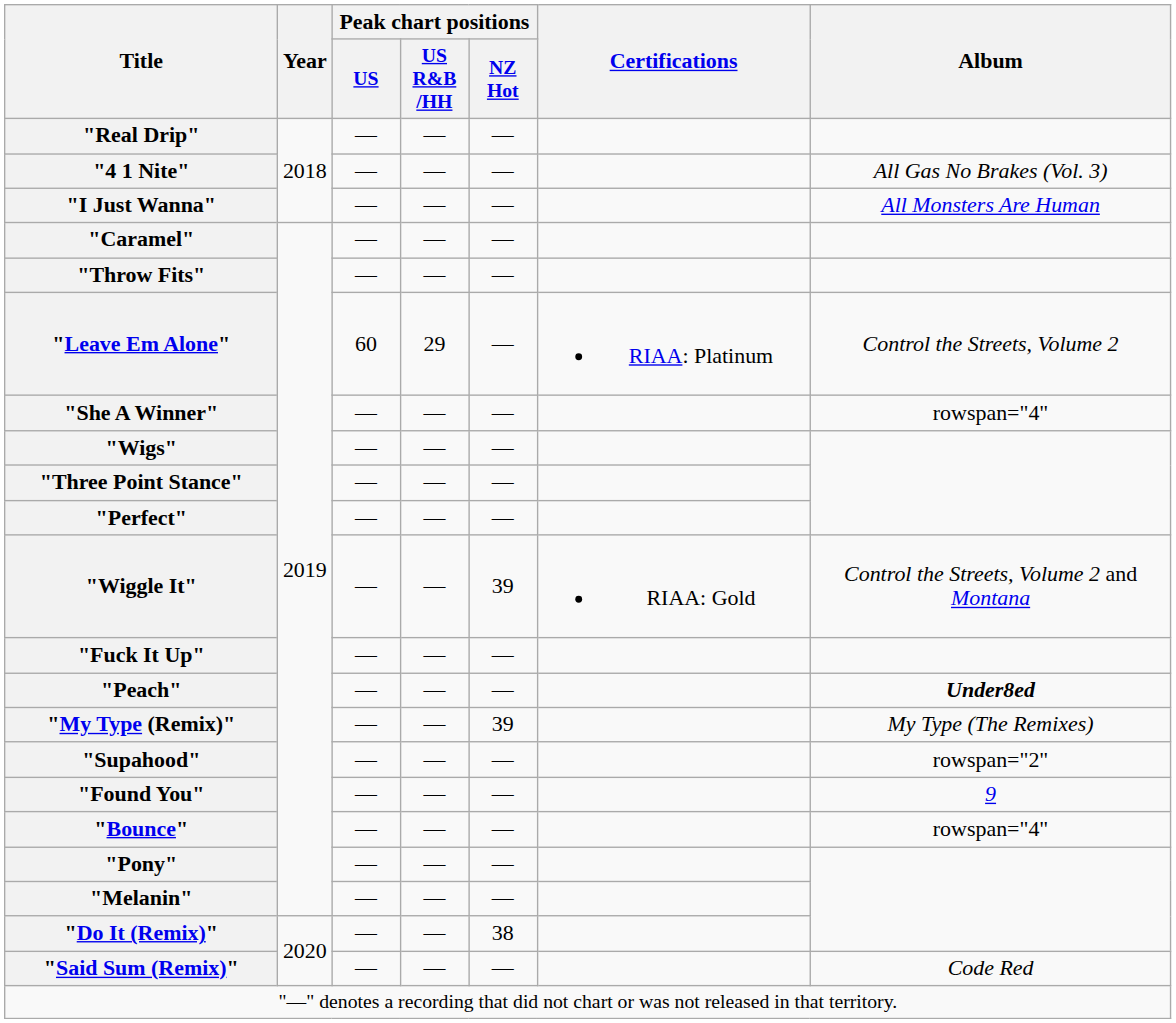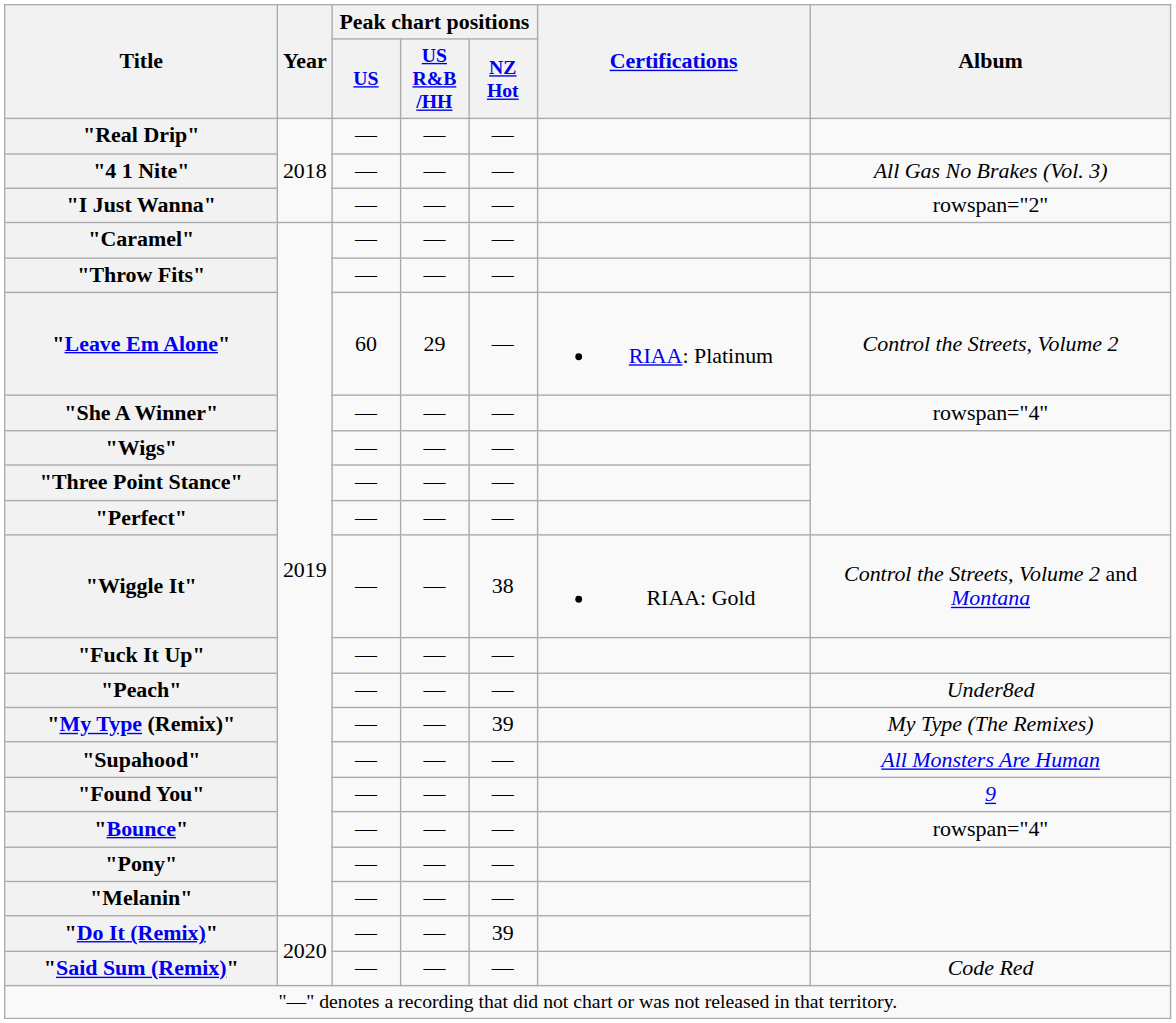 <table class="wikitable plainrowheaders" style="text-align:center;">
 <tr>
 <th scope="col" rowspan="2" style="width:12em;">Title</th>
 <th scope="col" rowspan="2" style="width:1em;">Year</th>
 <th scope="col" colspan="3">Peak chart positions</th>
 <th scope="col" rowspan="2" style="width:12em;"><a href='#'>Certifications</a></th>
 <th scope="col" rowspan="2" style="width:16em;">Album</th>
 </tr>
 <tr>
 <th scope="col" style="width:3em;font-size:90%;"><a href='#'>US</a><br></th>
 <th scope="col" style="width:3em;font-size:90%;"><a href='#'>US<br>R&B<br>/HH</a><br></th>
 <th scope="col" style="width:3em;font-size:90%;"><a href='#'>NZ<br>Hot</a><br></th>
 </tr>
 <tr>
 <th scope="row">"Real Drip"<br></th>
 <td rowspan="3">2018</td>
 <td>—</td>
 <td>—</td>
 <td>—</td>
 <td></td>
 <td></td>
 </tr>
 <tr>
 <th scope="row">"4 1 Nite"<br></th>
 <td>—</td>
 <td>—</td>
 <td>—</td>
 <td></td>
 <td><em>All Gas No Brakes (Vol. 3)</em></td>
 </tr>
 <tr>
 <th scope="row">"I Just Wanna"<br></th>
 <td>—</td>
 <td>—</td>
 <td>—</td>
 <td></td>
-<td><em><a href='#'>All Monsters Are Human</a></em></td>
+<td>rowspan="2" </td>
 </tr>
 <tr>
 <th scope="row">"Caramel"<br></th>
 <td rowspan="16">2019</td>
 <td>—</td>
 <td>—</td>
 <td>—</td>
 <td></td>
 </tr>
 <tr>
 <th scope="row">"Throw Fits"<br></th>
 <td>—</td>
 <td>—</td>
 <td>—</td>
 <td></td>
 <td></td>
 </tr>
 <tr>
 <th scope="row">"<a href='#'>Leave Em Alone</a>"<br></th>
 <td>60</td>
 <td>29</td>
 <td>—</td>
 <td><br><ul><li><a href='#'>RIAA</a>: Platinum</li></ul></td>
 <td><em>Control the Streets, Volume 2</em></td>
 </tr>
 <tr>
 <th scope="row">"She A Winner"<br></th>
 <td>—</td>
 <td>—</td>
 <td>—</td>
 <td></td>
 <td>rowspan="4" </td>
 </tr>
 <tr>
 <th scope="row">"Wigs"<br></th>
 <td>—</td>
 <td>—</td>
 <td>—</td>
 <td></td>
 </tr>
 <tr>
 <th scope="row">"Three Point Stance"<br></th>
 <td>—</td>
 <td>—</td>
 <td>—</td>
 <td></td>
 </tr>
 <tr>
 <th scope="row">"Perfect"<br></th>
 <td>—</td>
 <td>—</td>
 <td>—</td>
 <td></td>
 </tr>
 <tr>
 <th scope="row">"Wiggle It"<br></th>
 <td>—</td>
 <td>—</td>
-<td>39</td>
+<td>38</td>
 <td><br><ul><li>RIAA: Gold</li></ul></td>
 <td><em>Control the Streets, Volume 2</em> and <em><a href='#'>Montana</a></em></td>
 </tr>
 <tr>
 <th scope="row">"Fuck It Up"<br></th>
 <td>—</td>
 <td>—</td>
 <td>—</td>
 <td></td>
 <td></td>
 </tr>
 <tr>
 <th scope="row">"Peach"<br></th>
 <td>—</td>
 <td>—</td>
 <td>—</td>
 <td></td>
-<td><strong><em>Under8ed</em></strong></td>
+<td><em>Under8ed</em></td>
 </tr>
 <tr>
 <th scope="row">"<a href='#'>My Type</a> (Remix)"<br></th>
 <td>—</td>
 <td>—</td>
 <td>39</td>
 <td></td>
 <td><em>My Type (The Remixes)</em></td>
 </tr>
 <tr>
 <th scope="row">"Supahood"<br></th>
 <td>—</td>
 <td>—</td>
 <td>—</td>
 <td></td>
-<td>rowspan="2" </td>
+<td><em><a href='#'>All Monsters Are Human</a></em></td>
 </tr>
 <tr>
 <th scope="row">"Found You"<br></th>
 <td>—</td>
 <td>—</td>
 <td>—</td>
 <td></td>
 <td><em><a href='#'>9</a></em></td>
 </tr>
 <tr>
 <th scope="row">"<a href='#'>Bounce</a>"<br></th>
 <td>—</td>
 <td>—</td>
 <td>—</td>
 <td></td>
 <td>rowspan="4" </td>
 </tr>
 <tr>
 <th scope="row">"Pony"<br></th>
 <td>—</td>
 <td>—</td>
 <td>—</td>
 <td></td>
 </tr>
 <tr>
 <th scope="row">"Melanin"<br></th>
 <td>—</td>
 <td>—</td>
 <td>—</td>
 <td></td>
 </tr>
 <tr>
 <th scope="row">"<a href='#'>Do It (Remix)</a>"<br></th>
 <td rowspan="2">2020</td>
 <td>—</td>
 <td>—</td>
-<td>38</td>
+<td>39</td>
 <td></td>
 </tr>
 <tr>
 <th scope="row">"<a href='#'>Said Sum (Remix)</a>"<br></th>
 <td>—</td>
 <td>—</td>
 <td>—</td>
 <td></td>
 <td><em>Code Red</em></td>
 </tr>
 <tr>
 <td colspan="7" style="font-size:90%">"—" denotes a recording that did not chart or was not released in that territory.</td>
 </tr>
 </table>
